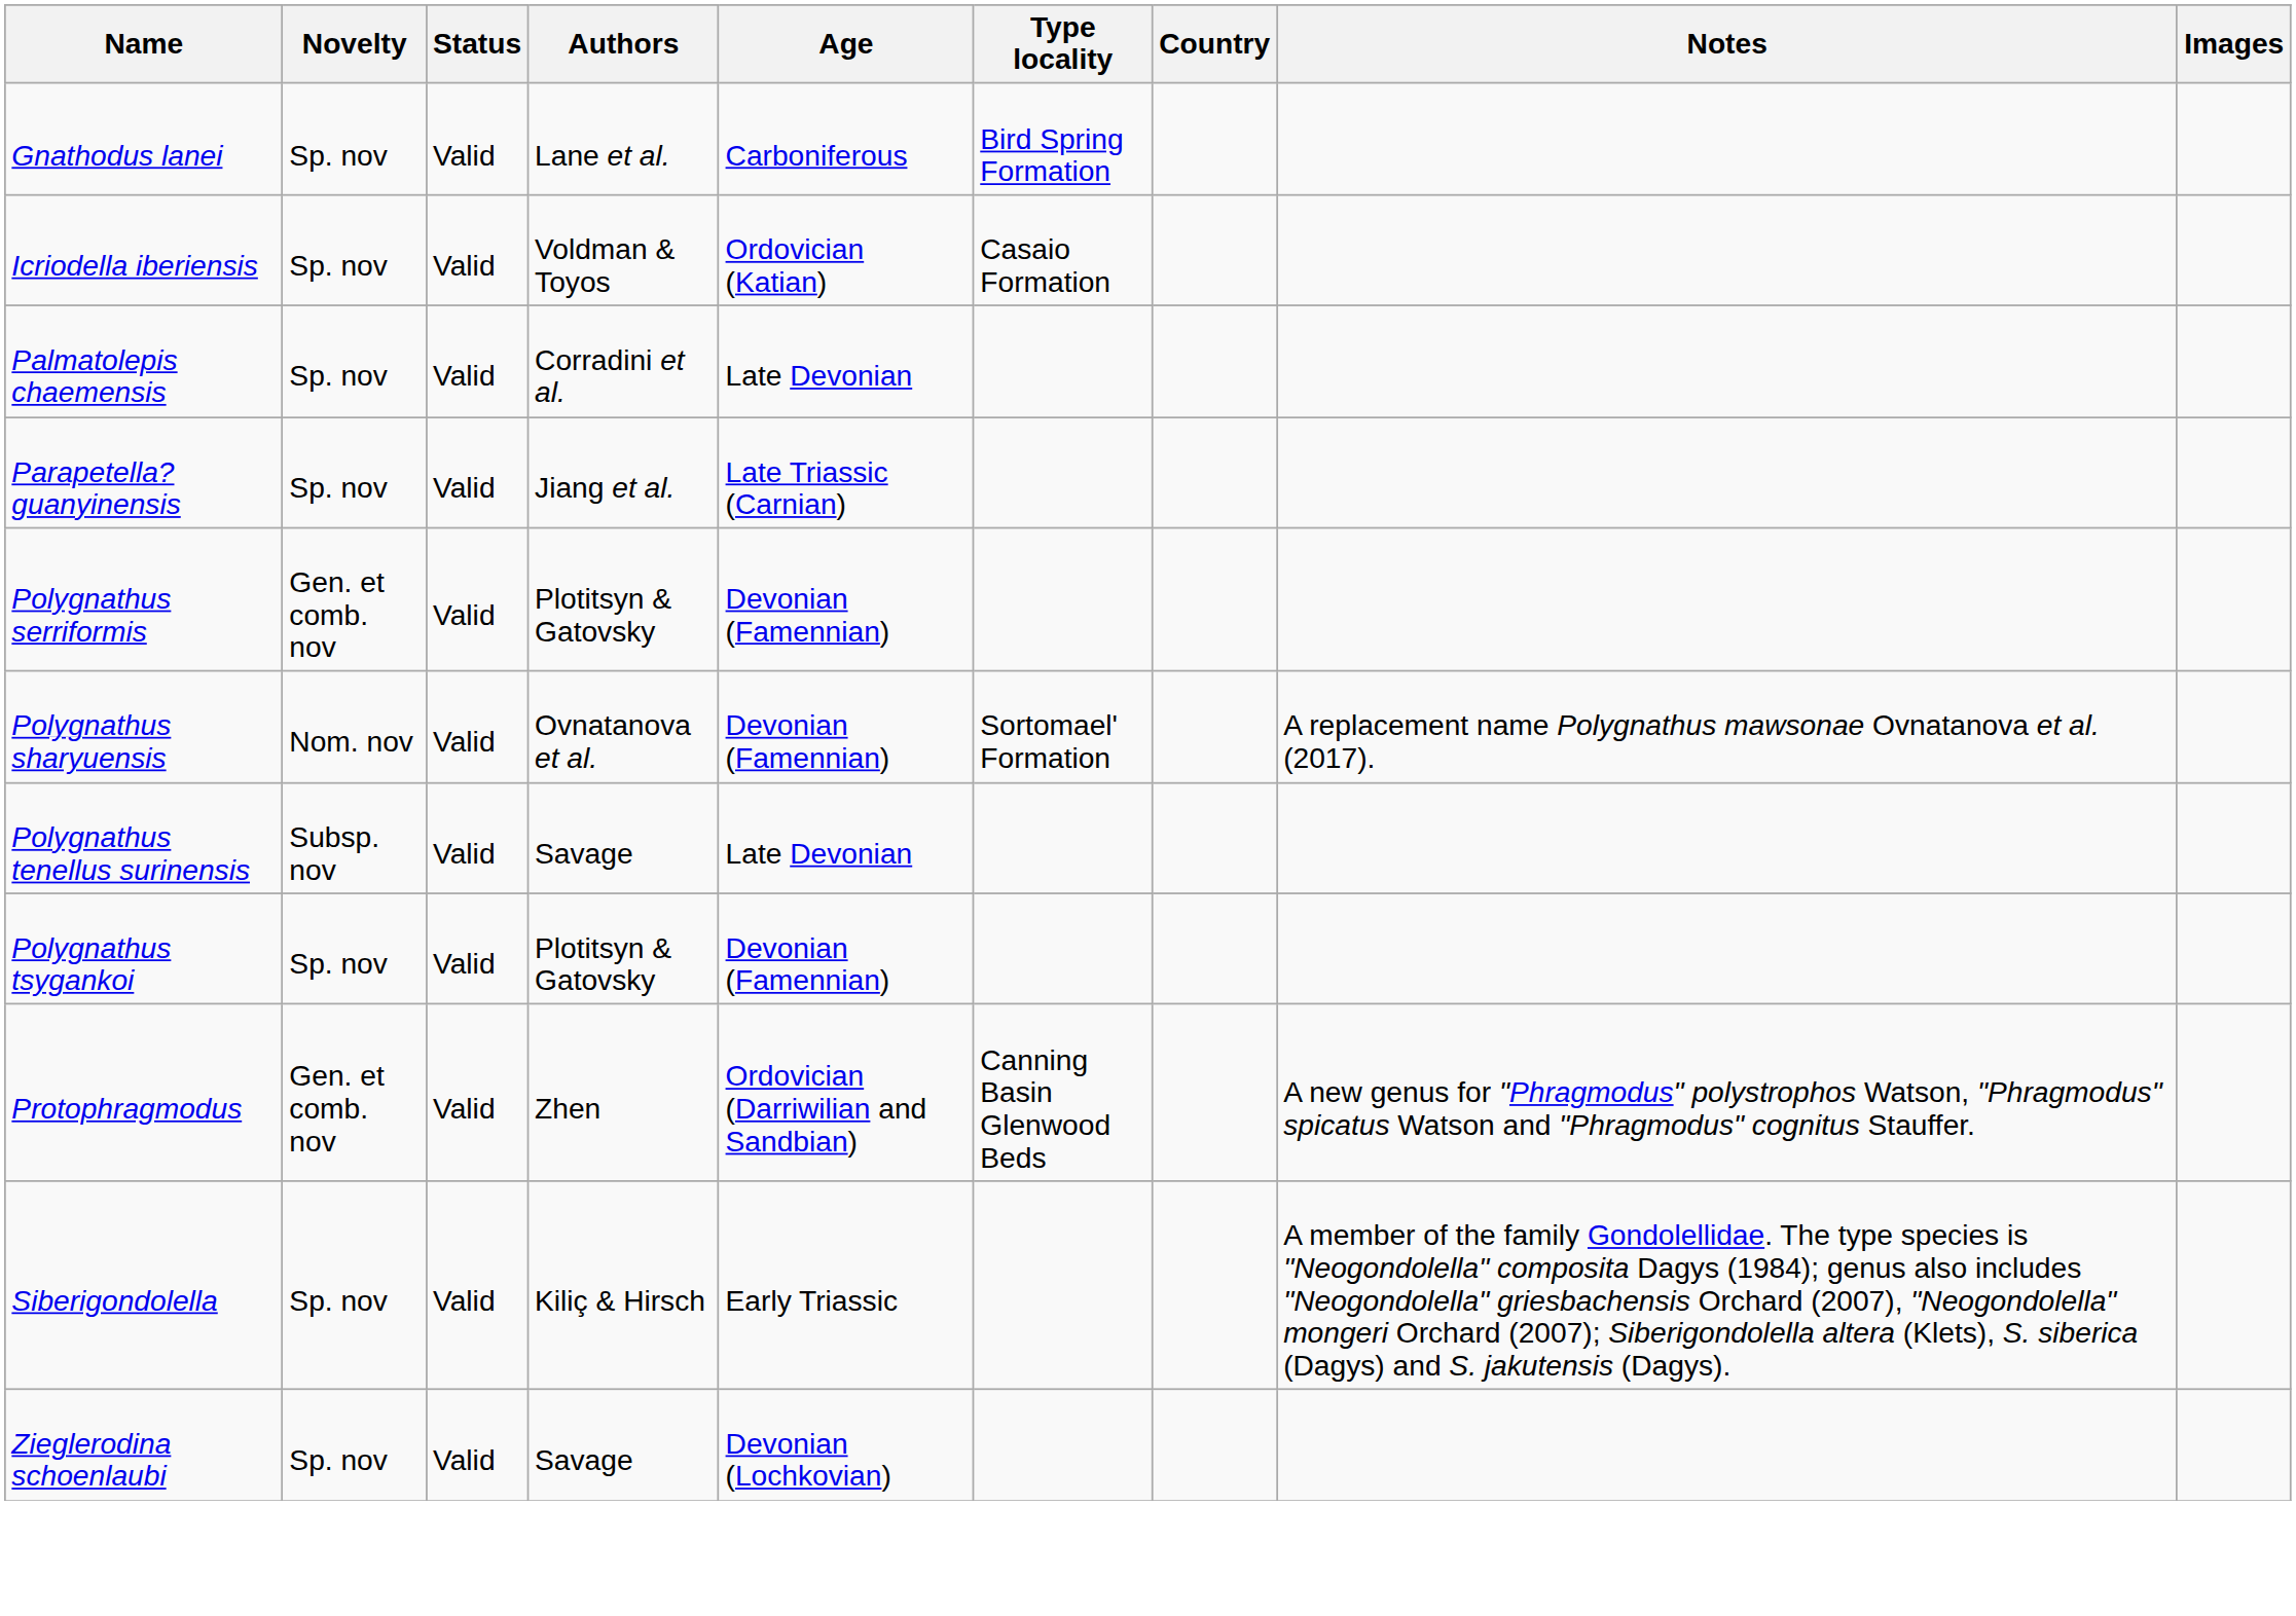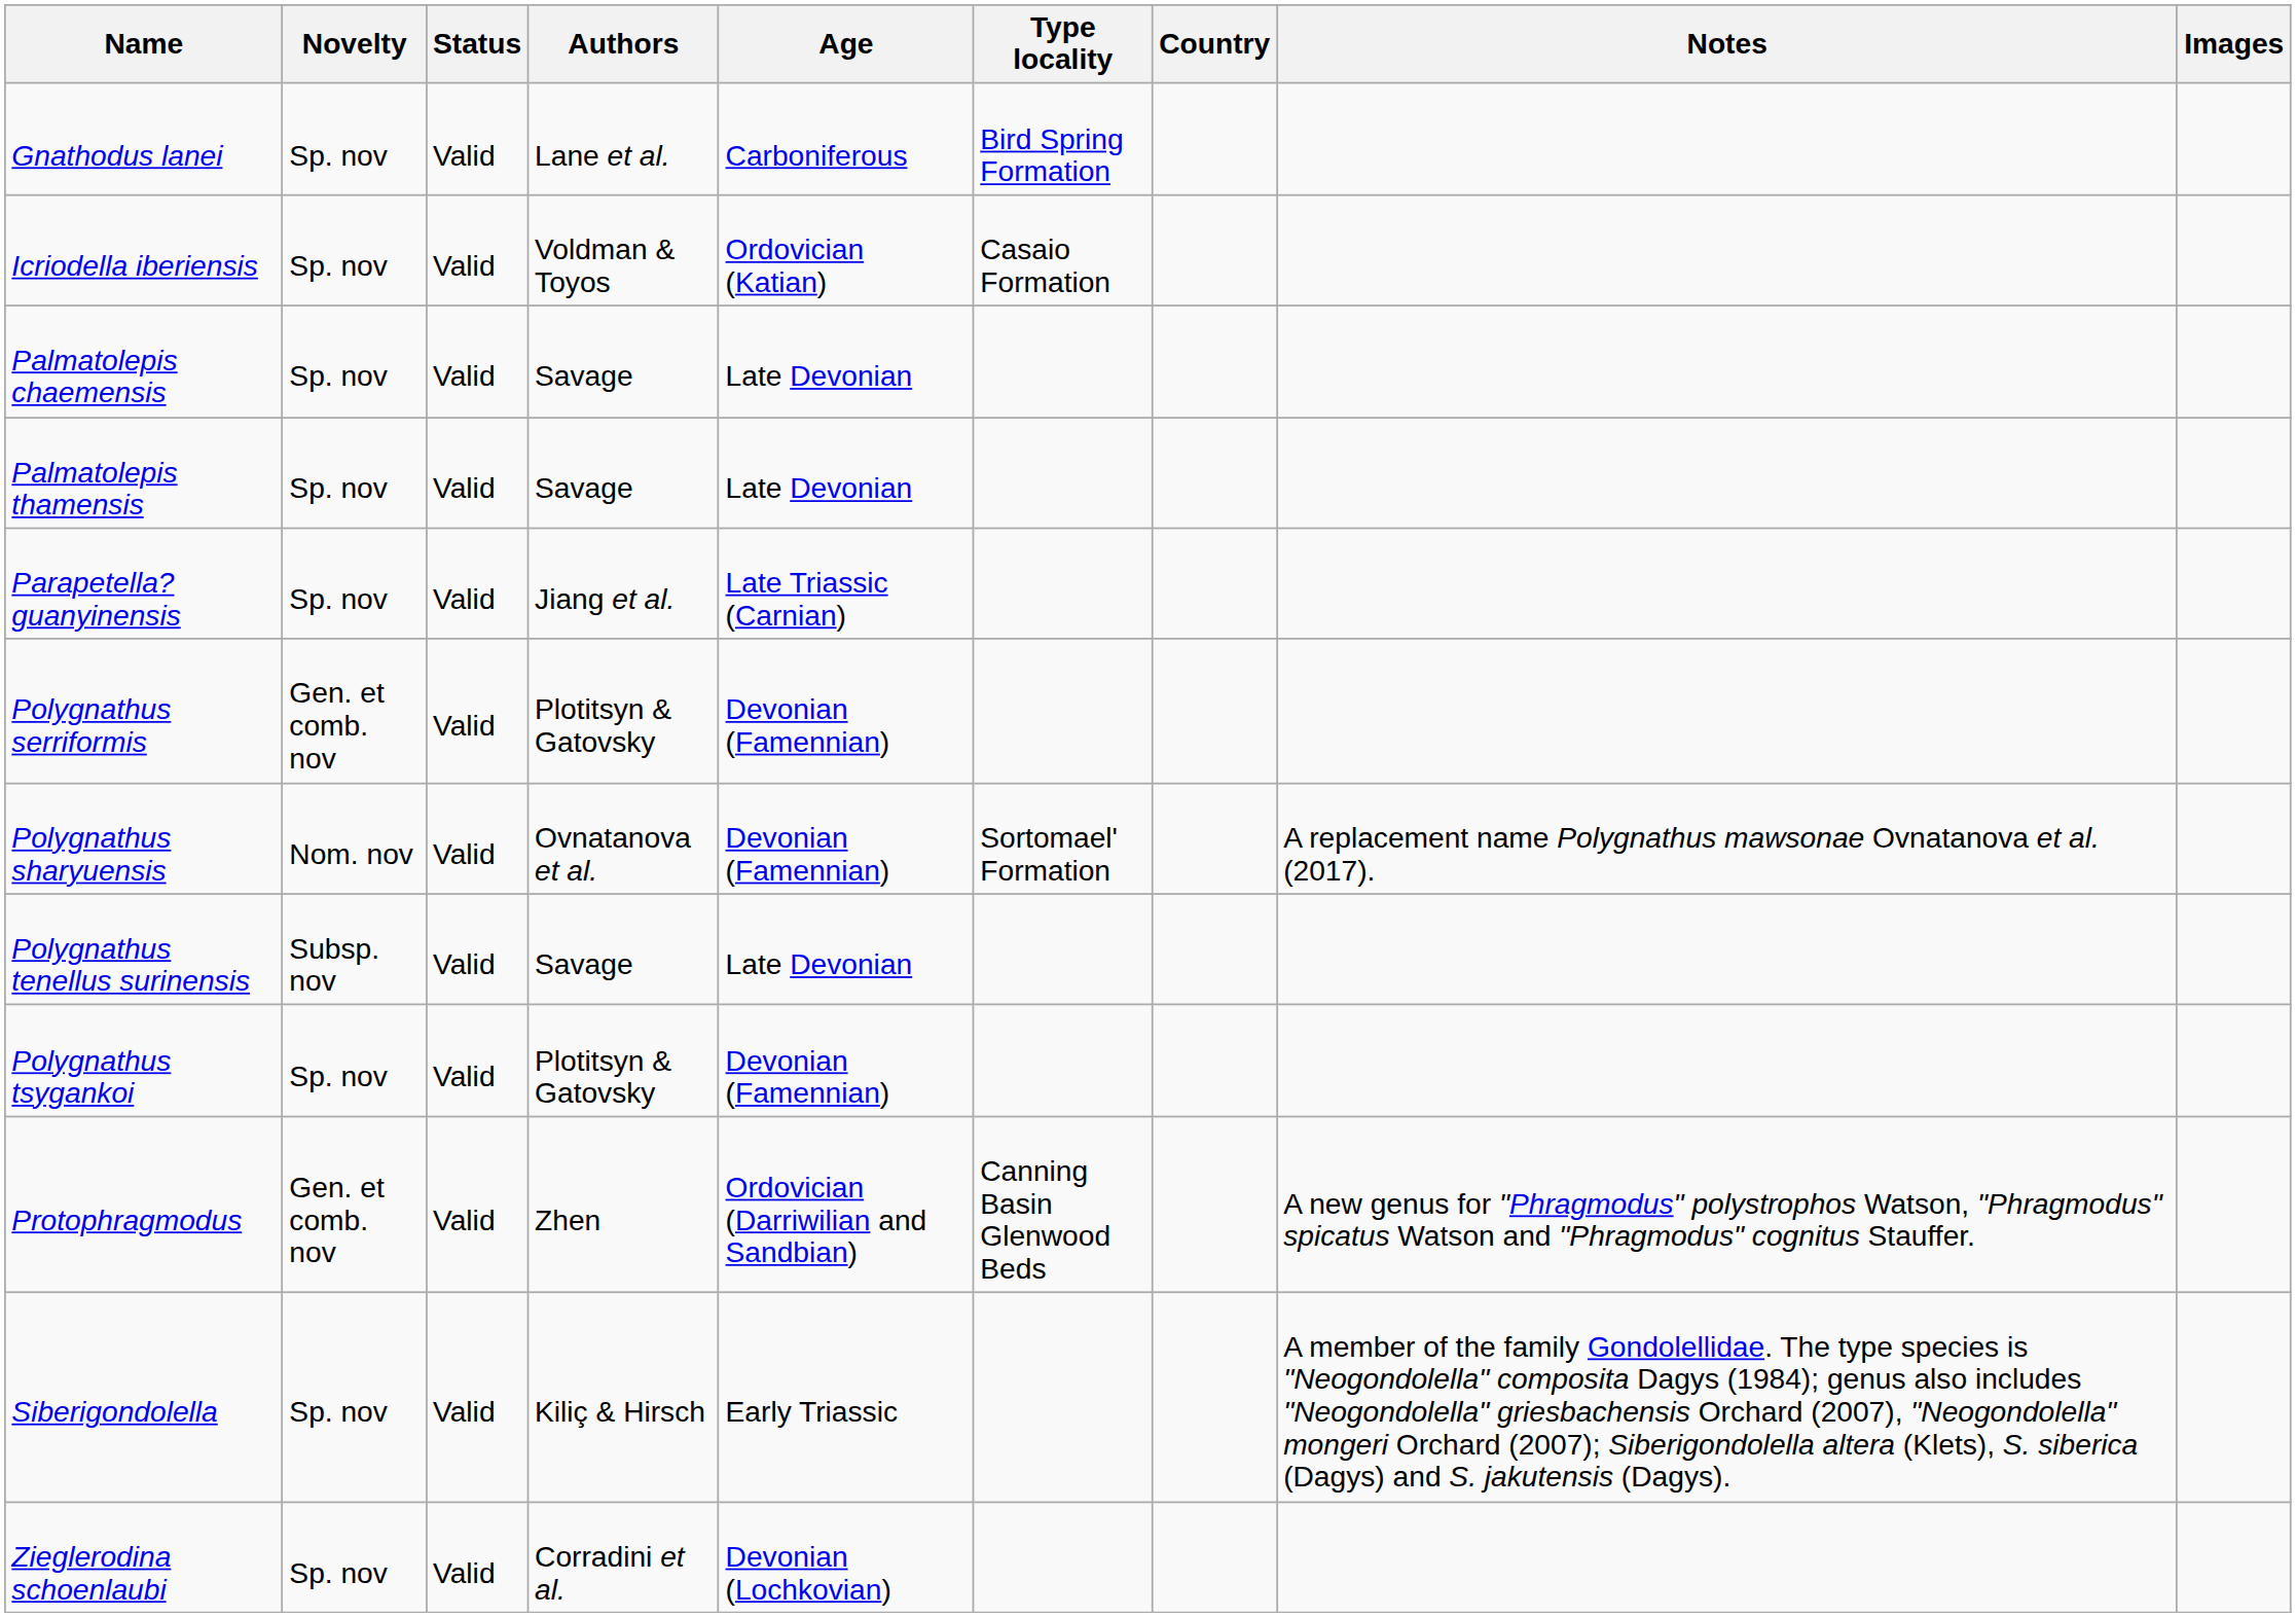 <table class="wikitable sortable" align="center" width="100%">
 <tr>
 <th>Name</th>
 <th>Novelty</th>
 <th>Status</th>
 <th>Authors</th>
 <th>Age</th>
 <th>Type locality</th>
 <th>Country</th>
 <th>Notes</th>
 <th>Images</th>
 </tr>
 <tr>
 <td><br><em><a href='#'>Gnathodus lanei</a></em></td>
 <td><br>Sp. nov</td>
 <td><br>Valid</td>
 <td><br>Lane <em>et al.</em></td>
 <td><br><a href='#'>Carboniferous</a></td>
 <td><br><a href='#'>Bird Spring Formation</a></td>
 <td><br></td>
 <td></td>
 <td></td>
 </tr>
 <tr>
 <td><br><em><a href='#'>Icriodella iberiensis</a></em></td>
 <td><br>Sp. nov</td>
 <td><br>Valid</td>
 <td><br>Voldman & Toyos</td>
 <td><br><a href='#'>Ordovician</a> (<a href='#'>Katian</a>)</td>
 <td><br>Casaio Formation</td>
 <td><br></td>
 <td></td>
 <td></td>
 </tr>
 <tr>
 <td><br><em><a href='#'>Palmatolepis chaemensis</a></em></td>
 <td><br>Sp. nov</td>
 <td><br>Valid</td>
-<td><br>Corradini <em>et al.</em></td>
+<td><br>Savage</td>
+<td><br>Late <a href='#'>Devonian</a></td>
+<td></td>
+<td><br></td>
+<td></td>
+<td></td>
+</tr>
+<tr>
+<td><br><em><a href='#'>Palmatolepis thamensis</a></em></td>
+<td><br>Sp. nov</td>
+<td><br>Valid</td>
+<td><br>Savage</td>
 <td><br>Late <a href='#'>Devonian</a></td>
 <td></td>
 <td><br></td>
 <td></td>
 <td></td>
 </tr>
 <tr>
 <td><br><em><a href='#'>Parapetella? guanyinensis</a></em></td>
 <td><br>Sp. nov</td>
 <td><br>Valid</td>
 <td><br>Jiang <em>et al.</em></td>
 <td><br><a href='#'>Late Triassic</a> (<a href='#'>Carnian</a>)</td>
 <td></td>
 <td><br></td>
 <td></td>
 <td></td>
 </tr>
 <tr>
 <td><br><em><a href='#'>Polygnathus serriformis</a></em></td>
 <td><br>Gen. et comb. nov</td>
 <td><br>Valid</td>
 <td><br>Plotitsyn & Gatovsky</td>
 <td><br><a href='#'>Devonian</a> (<a href='#'>Famennian</a>)</td>
 <td></td>
 <td><br></td>
 <td></td>
 <td></td>
 </tr>
 <tr>
 <td><br><em><a href='#'>Polygnathus sharyuensis</a></em></td>
 <td><br>Nom. nov</td>
 <td><br>Valid</td>
 <td><br>Ovnatanova <em>et al.</em></td>
 <td><br><a href='#'>Devonian</a> (<a href='#'>Famennian</a>)</td>
 <td><br>Sortomael' Formation</td>
 <td><br><br> </td>
 <td><br>A replacement name <em>Polygnathus mawsonae</em> Ovnatanova <em>et al.</em> (2017).</td>
 <td></td>
 </tr>
 <tr>
 <td><br><em><a href='#'>Polygnathus tenellus surinensis</a></em></td>
 <td><br>Subsp. nov</td>
 <td><br>Valid</td>
 <td><br>Savage</td>
 <td><br>Late <a href='#'>Devonian</a></td>
 <td></td>
 <td><br></td>
 <td></td>
 <td></td>
 </tr>
 <tr>
 <td><br><em><a href='#'>Polygnathus tsygankoi</a></em></td>
 <td><br>Sp. nov</td>
 <td><br>Valid</td>
 <td><br>Plotitsyn & Gatovsky</td>
 <td><br><a href='#'>Devonian</a> (<a href='#'>Famennian</a>)</td>
 <td></td>
 <td><br></td>
 <td></td>
 <td></td>
 </tr>
 <tr>
 <td><br><em><a href='#'>Protophragmodus</a></em></td>
 <td><br>Gen. et comb. nov</td>
 <td><br>Valid</td>
 <td><br>Zhen</td>
 <td><br><a href='#'>Ordovician</a> (<a href='#'>Darriwilian</a> and <a href='#'>Sandbian</a>)</td>
 <td><br>Canning Basin<br> Glenwood Beds</td>
 <td><br><br> </td>
 <td><br>A new genus for <em>"<a href='#'>Phragmodus</a>" polystrophos</em> Watson, <em>"Phragmodus" spicatus</em> Watson and <em>"Phragmodus" cognitus</em> Stauffer.</td>
 <td></td>
 </tr>
 <tr>
 <td><br><em><a href='#'>Siberigondolella</a></em></td>
 <td><br>Sp. nov</td>
 <td><br>Valid</td>
 <td><br>Kiliç & Hirsch</td>
 <td><br>Early Triassic</td>
 <td></td>
 <td><br><br> </td>
 <td><br>A member of the family <a href='#'>Gondolellidae</a>. The type species is <em>"Neogondolella" composita</em> Dagys (1984); genus also includes <em>"Neogondolella" griesbachensis</em> Orchard (2007), <em>"Neogondolella" mongeri</em> Orchard (2007); <em>Siberigondolella altera</em> (Klets), <em>S. siberica</em> (Dagys) and <em>S. jakutensis</em> (Dagys).</td>
 <td></td>
 </tr>
 <tr>
 <td><br><em><a href='#'>Zieglerodina schoenlaubi</a></em></td>
 <td><br>Sp. nov</td>
 <td><br>Valid</td>
-<td><br>Savage</td>
+<td><br>Corradini <em>et al.</em></td>
 <td><br><a href='#'>Devonian</a> (<a href='#'>Lochkovian</a>)</td>
 <td></td>
 <td><br></td>
 <td></td>
 <td></td>
 </tr>
 <tr>
 </tr>
 </table>
